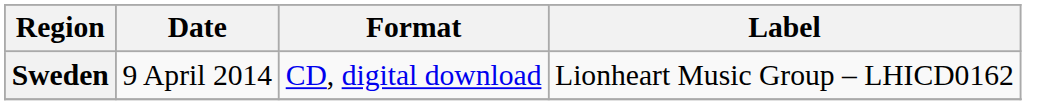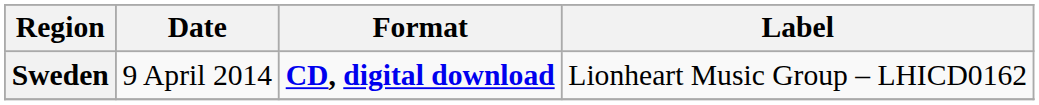 <table class="wikitable plainrowheaders">
 <tr>
 <th scope="col">Region</th>
 <th scope="col">Date</th>
 <th scope="col">Format</th>
 <th scope="col">Label</th>
 </tr>
 <tr>
 <th scope="row"> Sweden</th>
 <td>9 April 2014</td>
-<td><a href='#'>CD</a>, <a href='#'>digital download</a></td>
+<td><strong><a href='#'>CD</a>, <a href='#'>digital download</a></strong></td>
 <td>Lionheart Music Group – LHICD0162</td>
 </tr>
 <tr>
 </tr>
 </table>
